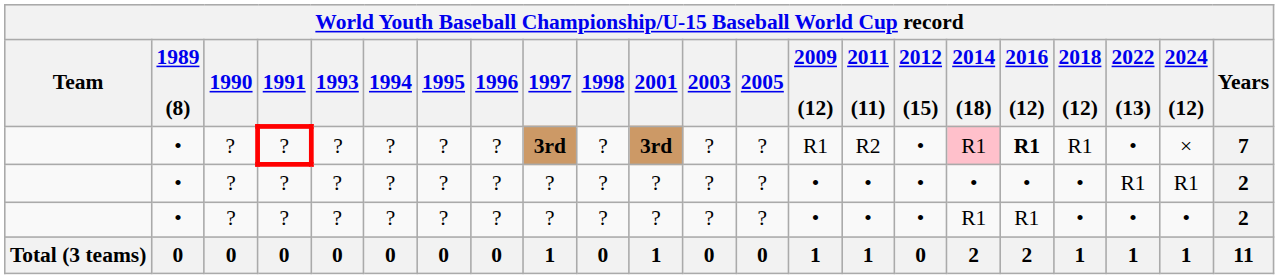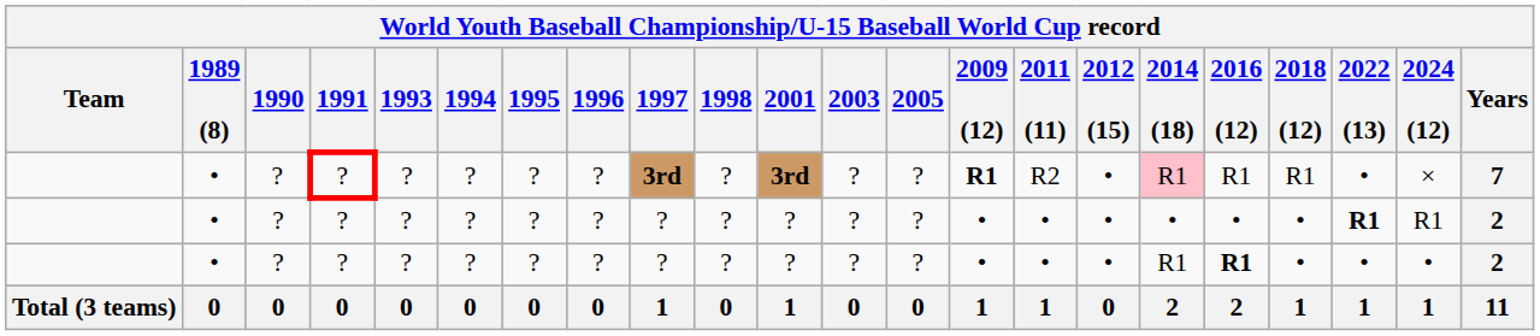 <table class="wikitable" style="text-align:center; font-size:85%;">
 <tr>
 <th colspan=32><a href='#'>World Youth Baseball Championship/U-15 Baseball World Cup</a> record</th>
 </tr>
 <tr>
 <th>Team</th>
 <th><a href='#'>1989</a><br><br>(8)</th>
 <th><a href='#'>1990</a><br></th>
 <th><a href='#'>1991</a><br></th>
 <th><a href='#'>1993</a><br></th>
 <th><a href='#'>1994</a><br></th>
 <th><a href='#'>1995</a><br></th>
 <th><a href='#'>1996</a><br></th>
 <th><a href='#'>1997</a><br></th>
 <th><a href='#'>1998</a><br></th>
 <th><a href='#'>2001</a><br></th>
 <th><a href='#'>2003</a><br></th>
 <th><a href='#'>2005</a><br></th>
 <th><a href='#'>2009</a><br><br>(12)</th>
 <th><a href='#'>2011</a><br><br>(11)</th>
 <th><a href='#'>2012</a><br><br>(15)</th>
 <th><a href='#'>2014</a><br><br>(18)</th>
 <th><a href='#'>2016</a><br><br>(12)</th>
 <th><a href='#'>2018</a><br><br>(12)</th>
 <th><a href='#'>2022</a><br><br>(13)</th>
 <th><a href='#'>2024</a><br><br>(12)</th>
 <th>Years</th>
 </tr>
 <tr>
 <td align=left></td>
 <td>•</td>
 <td>?</td>
 <td style="border: 3px solid red">?</td>
 <td>?</td>
 <td>?</td>
 <td>?</td>
 <td>?</td>
 <td style="background:#c96;"><strong>3rd</strong></td>
 <td>?</td>
 <td style="background:#c96;"><strong>3rd</strong></td>
 <td>?</td>
 <td>?</td>
-<td>R1<br></td>
+<td><strong>R1<br></strong></td>
 <td>R2<br></td>
 <td>•</td>
 <td style="background: pink;">R1<br></td>
-<td><strong>R1<br></strong></td>
+<td>R1<br></td>
 <td>R1<br></td>
 <td>•</td>
 <td>×</td>
 <th>7</th>
 </tr>
 <tr>
 <td align=left></td>
 <td>•</td>
 <td>?</td>
 <td>?</td>
 <td>?</td>
 <td>?</td>
 <td>?</td>
 <td>?</td>
 <td>?</td>
 <td>?</td>
 <td>?</td>
 <td>?</td>
 <td>?</td>
 <td>•</td>
 <td>•</td>
 <td>•</td>
 <td>•</td>
 <td>•</td>
 <td>•</td>
-<td>R1<br></td>
+<td><strong>R1<br></strong></td>
 <td>R1<br></td>
 <th>2</th>
 </tr>
 <tr>
 <td align=left></td>
 <td>•</td>
 <td>?</td>
 <td>?</td>
 <td>?</td>
 <td>?</td>
 <td>?</td>
 <td>?</td>
 <td>?</td>
 <td>?</td>
 <td>?</td>
 <td>?</td>
 <td>?</td>
 <td>•</td>
 <td>•</td>
 <td>•</td>
 <td>R1<br></td>
-<td>R1<br></td>
+<td><strong>R1<br></strong></td>
 <td>•</td>
 <td>•</td>
 <td>•</td>
 <th>2</th>
 </tr>
 <tr>
 <th>Total (3 teams)</th>
 <th>0</th>
 <th>0</th>
 <th>0</th>
 <th>0</th>
 <th>0</th>
 <th>0</th>
 <th>0</th>
 <th>1</th>
 <th>0</th>
 <th>1</th>
 <th>0</th>
 <th>0</th>
 <th>1</th>
 <th>1</th>
 <th>0</th>
 <th>2</th>
 <th>2</th>
 <th>1</th>
 <th>1</th>
 <th>1</th>
 <th>11</th>
 </tr>
 </table>
